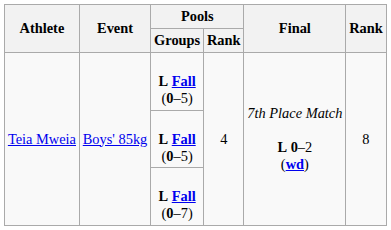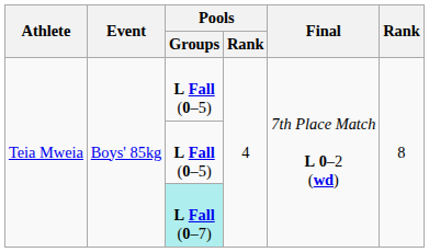 <table class="wikitable" style="text-align:left; font-size:90%">
 <tr>
 <th rowspan="2">Athlete</th>
 <th rowspan="2">Event</th>
 <th colspan="2">Pools</th>
 <th rowspan="2">Final</th>
 <th rowspan="2">Rank</th>
 </tr>
 <tr>
 <th>Groups</th>
 <th>Rank</th>
 </tr>
 <tr>
 <td rowspan="3"><a href='#'>Teia Mweia</a></td>
 <td rowspan="3"><a href='#'>Boys' 85kg</a></td>
 <td align=center><br><strong>L</strong> <strong><a href='#'>Fall</a></strong><br>(<strong>0</strong>–5)</td>
 <td rowspan="3" align=center>4</td>
 <td align=center rowspan=3><em>7th Place Match</em><br><br><strong>L</strong> <strong>0</strong>–2<br>(<strong><a href='#'>wd</a></strong>)</td>
 <td rowspan="3" align="center">8</td>
 </tr>
 <tr>
 <td align=center><br><strong>L</strong> <strong><a href='#'>Fall</a></strong><br>(<strong>0</strong>–5)</td>
 </tr>
 <tr>
-<td align=center><br><strong>L</strong> <strong><a href='#'>Fall</a></strong><br>(<strong>0</strong>–7)</td>
+<td align=center style="background: paleturquoise;"><br><strong>L</strong> <strong><a href='#'>Fall</a></strong><br>(<strong>0</strong>–7)</td>
 </tr>
 </table>
